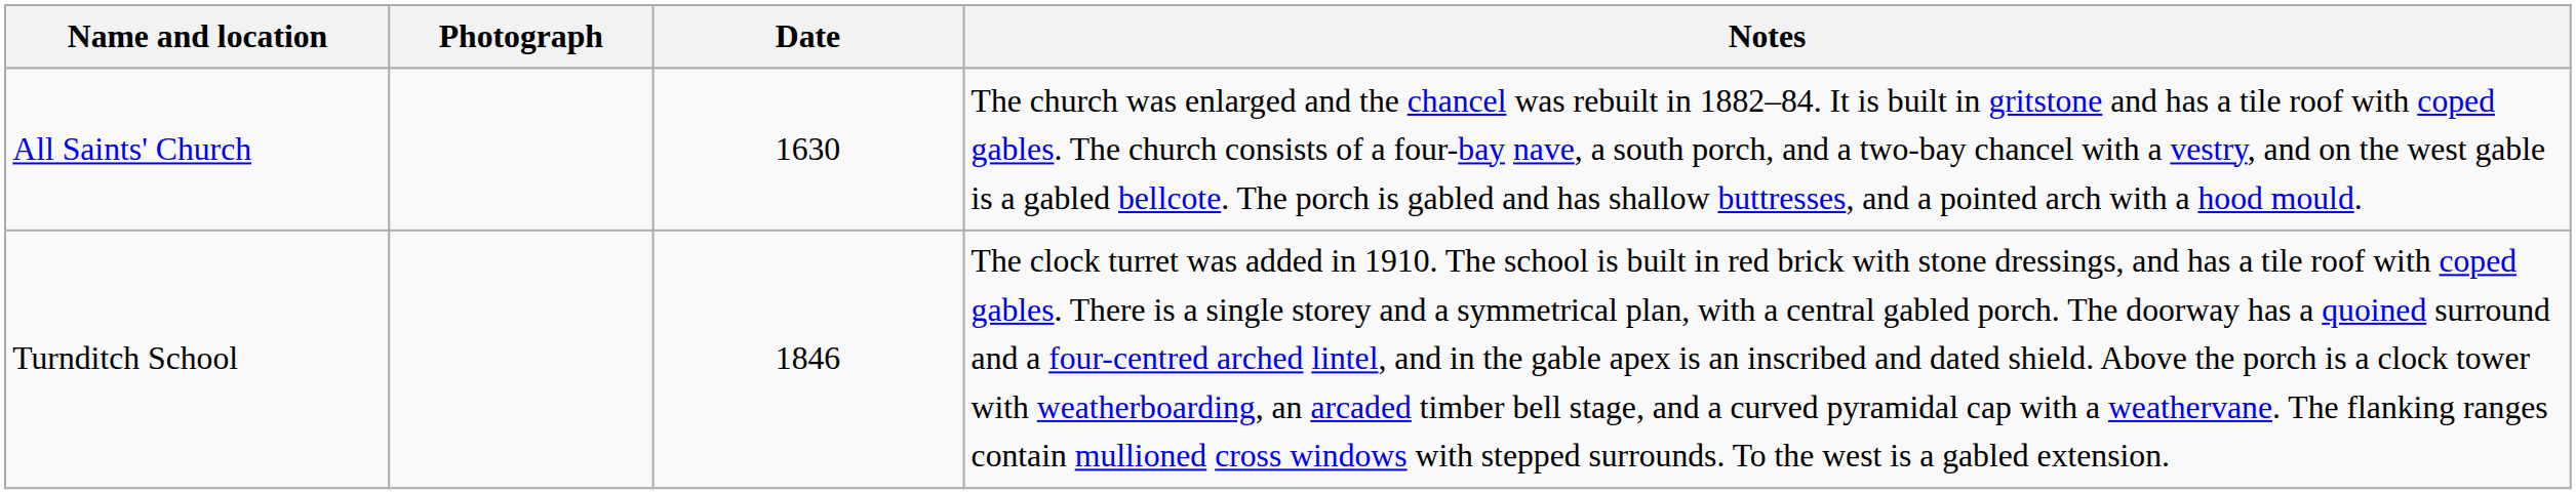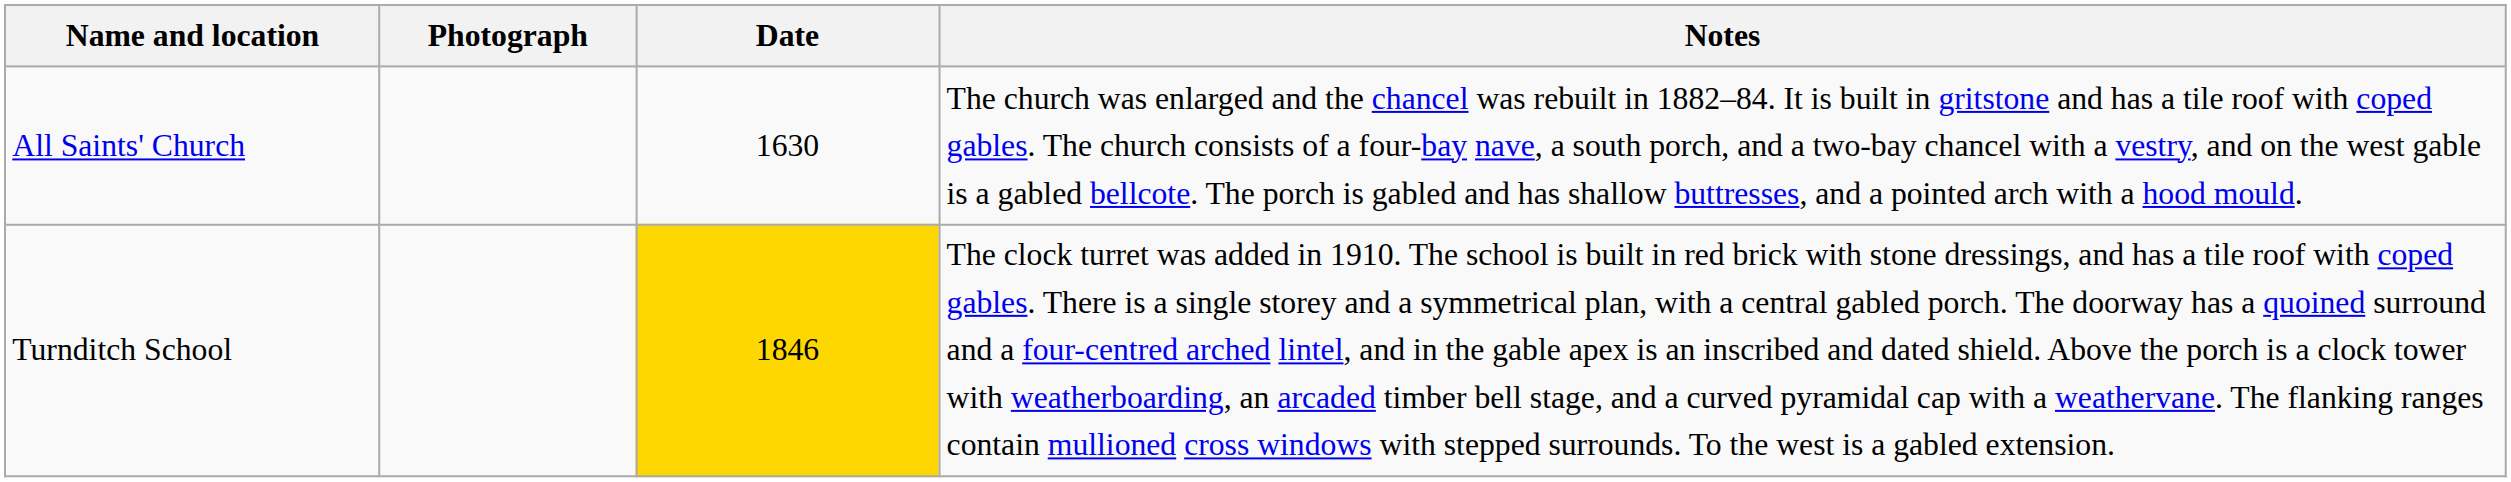 <table class="wikitable sortable plainrowheaders" style="width:100%;border:0px;text-align:left;line-height:150%;">
 <tr>
 <th scope="col"  style="width:150px">Name and location</th>
 <th scope="col"  style="width:100px" class="unsortable">Photograph</th>
 <th scope="col"  style="width:120px">Date</th>
 <th scope="col"  style="width:650px" class="unsortable">Notes</th>
 </tr>
 <tr>
 <td><a href='#'>All Saints' Church</a><br><small></small></td>
 <td></td>
 <td align="center">1630</td>
 <td>The church was enlarged and the <a href='#'>chancel</a> was rebuilt in 1882–84.  It is built in <a href='#'>gritstone</a> and has a tile roof with <a href='#'>coped</a> <a href='#'>gables</a>.  The church consists of a four-<a href='#'>bay</a> <a href='#'>nave</a>, a south porch, and a two-bay chancel with a <a href='#'>vestry</a>, and on the west gable is a gabled <a href='#'>bellcote</a>.  The porch is gabled and has shallow <a href='#'>buttresses</a>, and a pointed arch with a <a href='#'>hood mould</a>.</td>
 </tr>
 <tr>
 <td>Turnditch School<br><small></small></td>
 <td></td>
-<td align="center">1846</td>
+<td align="center" style="background: gold;">1846</td>
 <td>The clock turret was added in 1910.  The school is built in red brick with stone dressings, and has a tile roof with <a href='#'>coped</a> <a href='#'>gables</a>.  There is a single storey and a symmetrical plan, with a central gabled porch.  The doorway has a <a href='#'>quoined</a> surround and a <a href='#'>four-centred arched</a> <a href='#'>lintel</a>, and in the gable apex is an inscribed and dated shield.  Above the porch is a clock tower with <a href='#'>weatherboarding</a>, an <a href='#'>arcaded</a> timber bell stage, and a curved pyramidal cap with a <a href='#'>weathervane</a>.   The flanking ranges contain <a href='#'>mullioned</a> <a href='#'>cross windows</a> with stepped surrounds.  To the west is a gabled extension.</td>
 </tr>
 <tr>
 </tr>
 </table>
